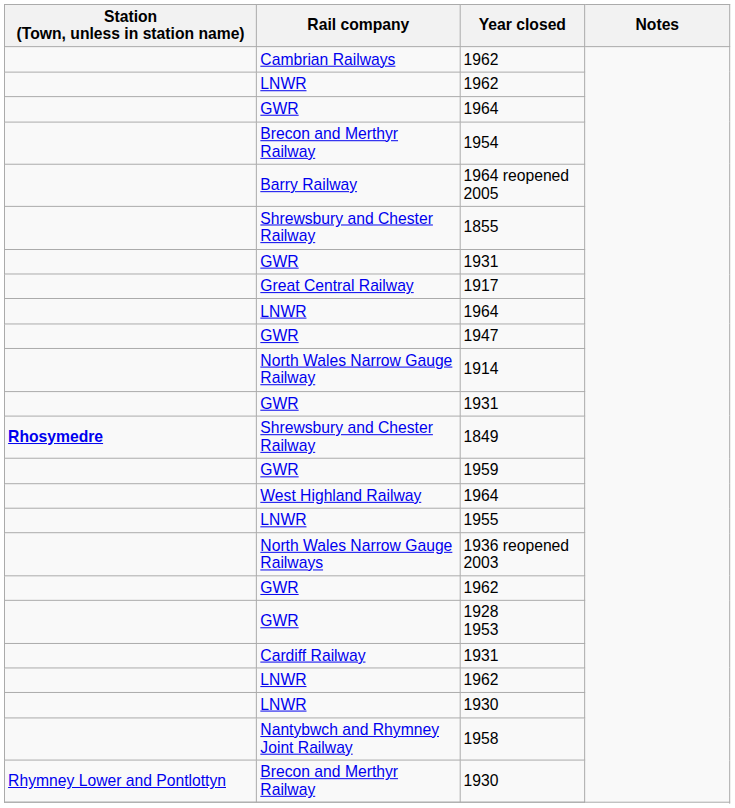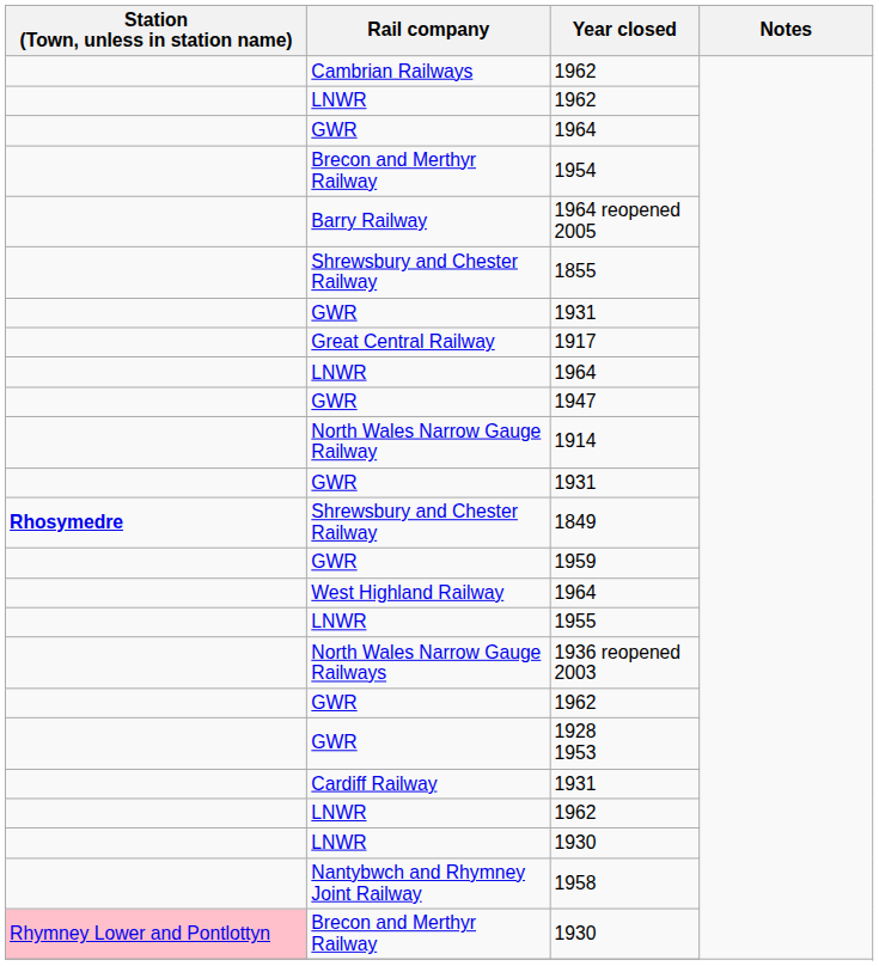 <table class="wikitable sortable">
 <tr>
 <th style="width:250px">Station<br>(Town, unless in station name)</th>
 <th style="width:200px">Rail company</th>
 <th style="width:120px">Year closed</th>
 <th style="width:20%">Notes</th>
 </tr>
 <tr>
 <td></td>
 <td><a href='#'>Cambrian Railways</a></td>
 <td>1962</td>
 </tr>
 <tr>
 <td></td>
 <td><a href='#'>LNWR</a></td>
 <td>1962</td>
 </tr>
 <tr>
 <td></td>
 <td><a href='#'>GWR</a></td>
 <td>1964</td>
 </tr>
 <tr>
 <td></td>
 <td><a href='#'>Brecon and Merthyr Railway</a></td>
 <td>1954</td>
 </tr>
 <tr>
 <td></td>
 <td><a href='#'>Barry Railway</a></td>
 <td>1964 reopened 2005</td>
 </tr>
 <tr>
 <td></td>
 <td><a href='#'>Shrewsbury and Chester Railway</a></td>
 <td>1855</td>
 </tr>
 <tr>
 <td></td>
 <td><a href='#'>GWR</a></td>
 <td>1931</td>
 </tr>
 <tr>
 <td></td>
 <td><a href='#'>Great Central Railway</a></td>
 <td>1917</td>
 </tr>
 <tr>
 <td></td>
 <td><a href='#'>LNWR</a></td>
 <td>1964</td>
 </tr>
 <tr>
 <td></td>
 <td><a href='#'>GWR</a></td>
 <td>1947</td>
 </tr>
 <tr>
 <td></td>
 <td><a href='#'>North Wales Narrow Gauge Railway</a></td>
 <td>1914</td>
 </tr>
 <tr>
 <td></td>
 <td><a href='#'>GWR</a></td>
 <td>1931</td>
 </tr>
 <tr>
 <td><strong><a href='#'>Rhosymedre</a></strong></td>
 <td><a href='#'>Shrewsbury and Chester Railway</a></td>
 <td>1849</td>
 </tr>
 <tr>
 <td></td>
 <td><a href='#'>GWR</a></td>
 <td>1959</td>
 </tr>
 <tr>
 <td></td>
 <td><a href='#'>West Highland Railway</a></td>
 <td>1964</td>
 </tr>
 <tr>
 <td></td>
 <td><a href='#'>LNWR</a></td>
 <td>1955</td>
 </tr>
 <tr>
 <td></td>
 <td><a href='#'>North Wales Narrow Gauge Railways</a></td>
 <td>1936 reopened 2003</td>
 </tr>
 <tr>
 <td></td>
 <td><a href='#'>GWR</a></td>
 <td>1962</td>
 </tr>
 <tr>
 <td></td>
 <td><a href='#'>GWR</a></td>
 <td>1928<br>1953</td>
 </tr>
 <tr>
 <td></td>
 <td><a href='#'>Cardiff Railway</a></td>
 <td>1931</td>
 </tr>
 <tr>
 <td></td>
 <td><a href='#'>LNWR</a></td>
 <td>1962</td>
 </tr>
 <tr>
 <td></td>
 <td><a href='#'>LNWR</a></td>
 <td>1930</td>
 </tr>
 <tr>
 <td></td>
 <td><a href='#'>Nantybwch and Rhymney Joint Railway</a></td>
 <td>1958</td>
 </tr>
 <tr>
-<td><a href='#'>Rhymney Lower and Pontlottyn</a></td>
+<td style="background: pink;"><a href='#'>Rhymney Lower and Pontlottyn</a></td>
 <td><a href='#'>Brecon and Merthyr Railway</a></td>
 <td>1930</td>
 </tr>
 <tr>
 </tr>
 </table>
